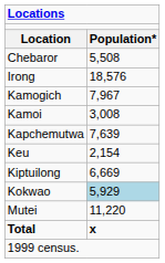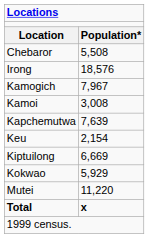 <table class="wikitable">
 <tr>
 <td colspan="2"><strong><a href='#'>Locations</a></strong></td>
 </tr>
 <tr>
 <td colspan="2"></td>
 </tr>
 <tr>
 <th>Location</th>
 <th>Population*</th>
 </tr>
 <tr>
 <td>Chebaror</td>
 <td>5,508</td>
 </tr>
 <tr>
 <td>Irong</td>
 <td>18,576</td>
 </tr>
 <tr>
 <td>Kamogich</td>
 <td>7,967</td>
 </tr>
 <tr>
 <td>Kamoi</td>
 <td>3,008</td>
 </tr>
 <tr>
 <td>Kapchemutwa</td>
 <td>7,639</td>
 </tr>
 <tr>
 <td>Keu</td>
 <td>2,154</td>
 </tr>
 <tr>
 <td>Kiptuilong</td>
 <td>6,669</td>
 </tr>
 <tr>
 <td>Kokwao</td>
-<td style="background: lightblue;">5,929</td>
+<td>5,929</td>
 </tr>
 <tr>
 <td>Mutei</td>
 <td>11,220</td>
 </tr>
 <tr>
 <td><strong>Total</strong></td>
 <td><strong>x</strong></td>
 </tr>
 <tr>
 <td colspan="2">1999 census.</td>
 </tr>
 </table>
